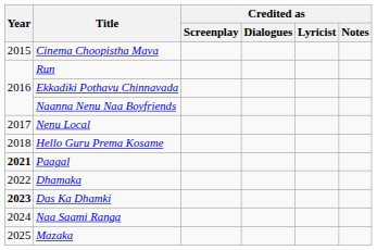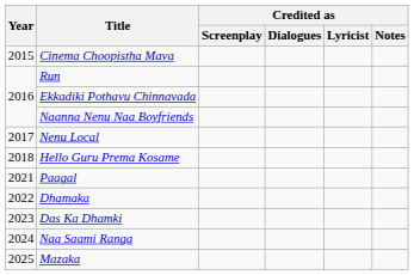 <table class="wikitable">
 <tr>
 <th rowspan="2">Year</th>
 <th rowspan="2">Title</th>
 <th colspan="4">Credited as</th>
 </tr>
 <tr>
 <th>Screenplay</th>
 <th>Dialogues</th>
 <th>Lyricist</th>
 <th>Notes</th>
 </tr>
 <tr>
 <td>2015</td>
 <td><em><a href='#'>Cinema Choopistha Mava</a></em></td>
 <td></td>
 <td></td>
 <td></td>
 <td></td>
 </tr>
 <tr>
 <td rowspan="3">2016</td>
 <td><em><a href='#'>Run</a></em></td>
 <td></td>
 <td></td>
 <td></td>
 <td></td>
 </tr>
 <tr>
 <td><em><a href='#'>Ekkadiki Pothavu Chinnavada</a></em></td>
 <td></td>
 <td></td>
 <td></td>
 <td></td>
 </tr>
 <tr>
 <td><em><a href='#'>Naanna Nenu Naa Boyfriends</a></em></td>
 <td></td>
 <td></td>
 <td></td>
 <td></td>
 </tr>
 <tr>
 <td>2017</td>
 <td><em><a href='#'>Nenu Local</a></em></td>
 <td></td>
 <td></td>
 <td></td>
 <td></td>
 </tr>
 <tr>
 <td>2018</td>
 <td><em><a href='#'>Hello Guru Prema Kosame</a></em></td>
 <td></td>
 <td></td>
 <td></td>
 <td></td>
 </tr>
 <tr>
-<td><strong>2021</strong></td>
+<td>2021</td>
 <td><em><a href='#'>Paagal</a></em></td>
 <td></td>
 <td></td>
 <td></td>
 <td></td>
 </tr>
 <tr>
 <td>2022</td>
 <td><em><a href='#'>Dhamaka</a></em></td>
 <td></td>
 <td></td>
 <td></td>
 <td></td>
 </tr>
 <tr>
-<td><strong>2023</strong></td>
+<td>2023</td>
 <td><em><a href='#'>Das Ka Dhamki</a></em></td>
 <td></td>
 <td></td>
 <td></td>
 <td></td>
 </tr>
 <tr>
 <td>2024</td>
 <td><em><a href='#'>Naa Saami Ranga</a></em></td>
 <td></td>
 <td></td>
 <td></td>
 <td></td>
 </tr>
 <tr>
 <td>2025</td>
 <td><em><a href='#'>Mazaka</a></em></td>
 <td></td>
 <td></td>
 <td></td>
 <td></td>
 </tr>
 </table>
